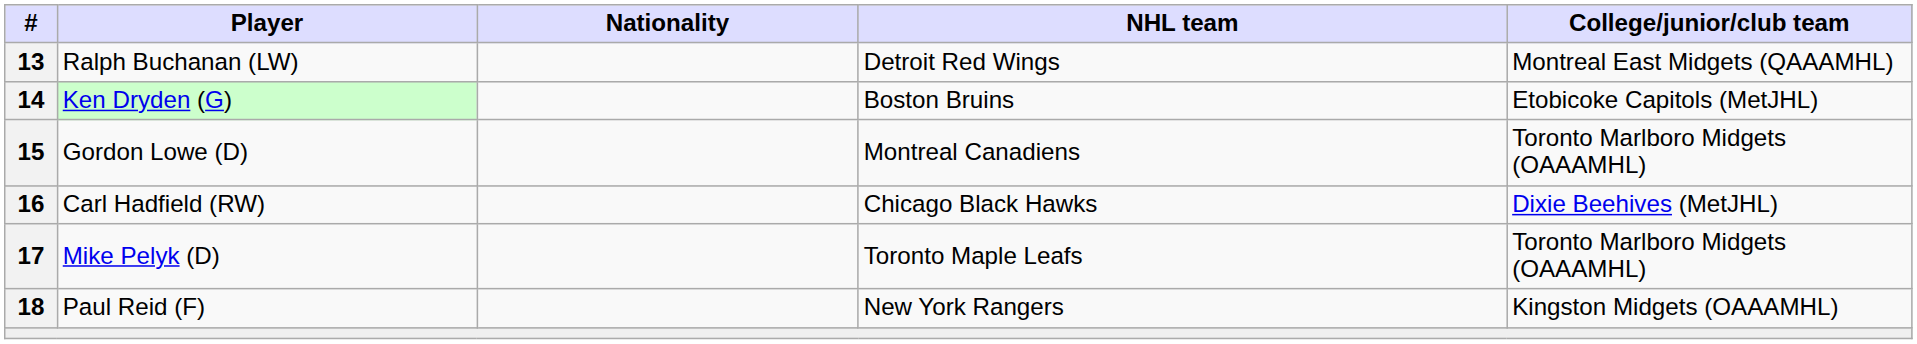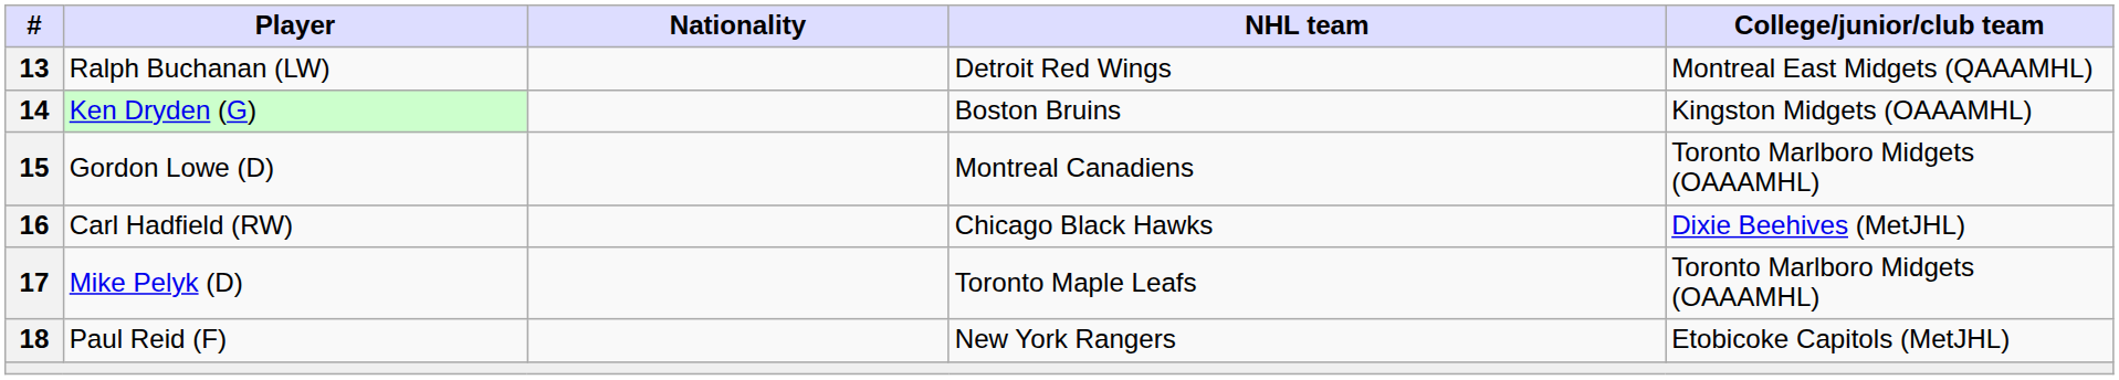 <table class="wikitable" style="width: 100%">
 <tr>
 <th style="background:#ddf; width:2.75%;">#</th>
 <th style="background:#ddf; width:22.0%;">Player</th>
 <th style="background:#ddf; width:20.0%;">Nationality</th>
 <th style="background:#ddf; width:34.0%;">NHL team</th>
 <th style="background:#ddf; width:100.0%;">College/junior/club team</th>
 </tr>
 <tr>
 <th>13</th>
 <td>Ralph Buchanan (LW)</td>
 <td></td>
 <td>Detroit Red Wings</td>
 <td>Montreal East Midgets (QAAAMHL)</td>
 </tr>
 <tr>
 <th>14</th>
 <td bgcolor="#CCFFCC"><a href='#'>Ken Dryden</a> (<a href='#'>G</a>)</td>
 <td></td>
 <td>Boston Bruins</td>
-<td>Etobicoke Capitols (MetJHL)</td>
+<td>Kingston Midgets (OAAAMHL)</td>
 </tr>
 <tr>
 <th>15</th>
 <td>Gordon Lowe (D)</td>
 <td></td>
 <td>Montreal Canadiens</td>
 <td>Toronto Marlboro Midgets (OAAAMHL)</td>
 </tr>
 <tr>
 <th>16</th>
 <td>Carl Hadfield (RW)</td>
 <td></td>
 <td>Chicago Black Hawks</td>
 <td><a href='#'>Dixie Beehives</a> (MetJHL)</td>
 </tr>
 <tr>
 <th>17</th>
 <td><a href='#'>Mike Pelyk</a> (D)</td>
 <td></td>
 <td>Toronto Maple Leafs</td>
 <td>Toronto Marlboro Midgets (OAAAMHL)</td>
 </tr>
 <tr>
 <th>18</th>
 <td>Paul Reid (F)</td>
 <td></td>
 <td>New York Rangers</td>
-<td>Kingston Midgets (OAAAMHL)</td>
+<td>Etobicoke Capitols (MetJHL)</td>
 </tr>
 <tr>
 <td align=center colspan="6" bgcolor="#efefef"></td>
 </tr>
 </table>
